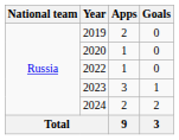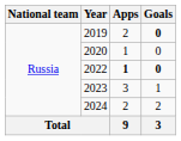 <table class=wikitable style=text-align:center>
 <tr>
 <th>National team</th>
 <th>Year</th>
 <th>Apps</th>
 <th>Goals</th>
 </tr>
 <tr>
 <td rowspan=5><a href='#'>Russia</a></td>
 <td>2019</td>
 <td>2</td>
-<td>0</td>
+<td><strong>0</strong></td>
 </tr>
 <tr>
 <td>2020</td>
 <td>1</td>
 <td>0</td>
 </tr>
 <tr>
 <td>2022</td>
-<td>1</td>
-<td>0</td>
+<td><strong>1</strong></td>
+<td><strong>0</strong></td>
 </tr>
 <tr>
 <td>2023</td>
 <td>3</td>
 <td>1</td>
 </tr>
 <tr>
 <td>2024</td>
 <td>2</td>
 <td>2</td>
 </tr>
 <tr>
 <th colspan=2>Total</th>
 <th>9</th>
 <th>3</th>
 </tr>
 </table>
